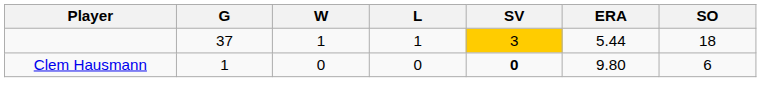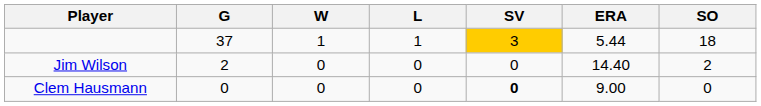 <table class="wikitable sortable">
 <tr>
 <th bgcolor="#DDDDFF" width="16%">Player</th>
 <th bgcolor="#DDDDFF" width="9%">G</th>
 <th bgcolor="#DDDDFF" width="9%">W</th>
 <th bgcolor="#DDDDFF" width="9%">L</th>
 <th bgcolor="#DDDDFF" width="9%">SV</th>
 <th bgcolor="#DDDDFF" width="9%">ERA</th>
 <th bgcolor="#DDDDFF" width="9%">SO</th>
 </tr>
 <tr align="center">
 <td></td>
 <td>37</td>
 <td>1</td>
 <td>1</td>
 <td style="background:#fc0;">3</td>
 <td>5.44</td>
 <td>18</td>
 </tr>
 <tr align="center">
+<td><a href='#'>Jim Wilson</a></td>
+<td>2</td>
+<td>0</td>
+<td>0</td>
+<td>0</td>
+<td>14.40</td>
+<td>2</td>
+</tr>
+<tr align="center">
 <td><a href='#'>Clem Hausmann</a></td>
-<td>1</td>
+<td>0</td>
 <td>0</td>
 <td>0</td>
 <td><strong>0</strong></td>
-<td>9.80</td>
-<td>6</td>
+<td>9.00</td>
+<td>0</td>
 </tr>
 </table>
